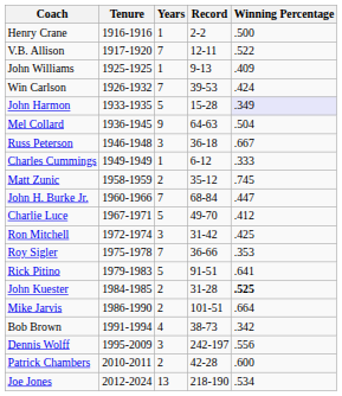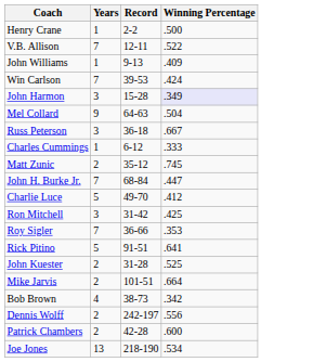 <table class="wikitable sortable">
 <tr>
 <th>Coach</th>
-<th>Tenure</th>
 <th>Years</th>
 <th>Record</th>
 <th>Winning Percentage</th>
 </tr>
 <tr>
 <td>Henry Crane</td>
-<td>1916-1916</td>
 <td>1</td>
 <td>2-2</td>
 <td>.500</td>
 </tr>
 <tr>
 <td>V.B. Allison</td>
-<td>1917-1920</td>
 <td>7</td>
 <td>12-11</td>
 <td>.522</td>
 </tr>
 <tr>
 <td>John Williams</td>
-<td>1925-1925</td>
 <td>1</td>
 <td>9-13</td>
 <td>.409</td>
 </tr>
 <tr>
 <td>Win Carlson</td>
-<td>1926-1932</td>
 <td>7</td>
 <td>39-53</td>
 <td>.424</td>
 </tr>
 <tr>
 <td><a href='#'>John Harmon</a></td>
-<td>1933-1935</td>
-<td>5</td>
+<td>3</td>
 <td>15-28</td>
 <td style="background: lavender;">.349</td>
 </tr>
 <tr>
 <td><a href='#'>Mel Collard</a></td>
-<td>1936-1945</td>
 <td>9</td>
 <td>64-63</td>
 <td>.504</td>
 </tr>
 <tr>
 <td><a href='#'>Russ Peterson</a></td>
-<td>1946-1948</td>
 <td>3</td>
 <td>36-18</td>
 <td>.667</td>
 </tr>
 <tr>
 <td><a href='#'>Charles Cummings</a></td>
-<td>1949-1949</td>
 <td>1</td>
 <td>6-12</td>
 <td>.333</td>
 </tr>
 <tr>
 <td><a href='#'>Matt Zunic</a></td>
-<td>1958-1959</td>
 <td>2</td>
 <td>35-12</td>
 <td>.745</td>
 </tr>
 <tr>
 <td><a href='#'>John H. Burke Jr.</a></td>
-<td>1960-1966</td>
 <td>7</td>
 <td>68-84</td>
 <td>.447</td>
 </tr>
 <tr>
 <td><a href='#'>Charlie Luce</a></td>
-<td>1967-1971</td>
 <td>5</td>
 <td>49-70</td>
 <td>.412</td>
 </tr>
 <tr>
 <td><a href='#'>Ron Mitchell</a></td>
-<td>1972-1974</td>
 <td>3</td>
 <td>31-42</td>
 <td>.425</td>
 </tr>
 <tr>
 <td><a href='#'>Roy Sigler</a></td>
-<td>1975-1978</td>
 <td>7</td>
 <td>36-66</td>
 <td>.353</td>
 </tr>
 <tr>
 <td><a href='#'>Rick Pitino</a></td>
-<td>1979-1983</td>
 <td>5</td>
 <td>91-51</td>
 <td>.641</td>
 </tr>
 <tr>
 <td><a href='#'>John Kuester</a></td>
-<td>1984-1985</td>
 <td>2</td>
 <td>31-28</td>
-<td><strong>.525</strong></td>
+<td>.525</td>
 </tr>
 <tr>
 <td><a href='#'>Mike Jarvis</a></td>
-<td>1986-1990</td>
 <td>2</td>
 <td>101-51</td>
 <td>.664</td>
 </tr>
 <tr>
 <td>Bob Brown</td>
-<td>1991-1994</td>
 <td>4</td>
 <td>38-73</td>
 <td>.342</td>
 </tr>
 <tr>
 <td><a href='#'>Dennis Wolff</a></td>
-<td>1995-2009</td>
-<td>3</td>
+<td>2</td>
 <td>242-197</td>
 <td>.556</td>
 </tr>
 <tr>
 <td><a href='#'>Patrick Chambers</a></td>
-<td>2010-2011</td>
 <td>2</td>
 <td>42-28</td>
 <td>.600</td>
 </tr>
 <tr>
 <td><a href='#'>Joe Jones</a></td>
-<td>2012-2024</td>
 <td>13</td>
 <td>218-190</td>
 <td>.534</td>
 </tr>
 </table>
